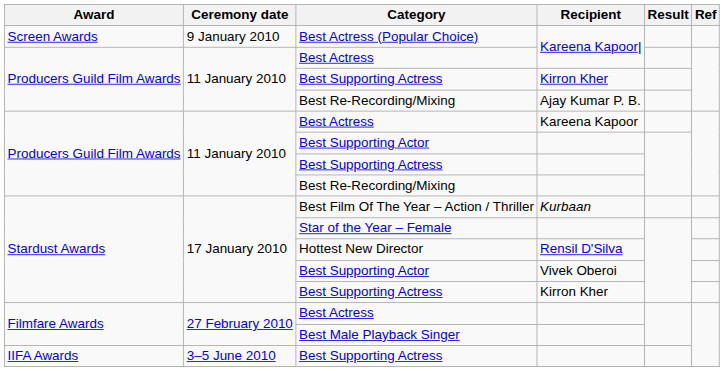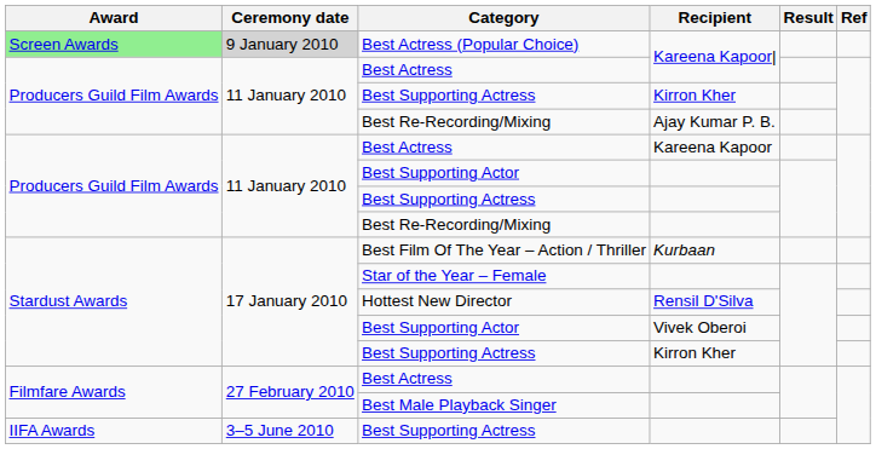 <table class="wikitable sortable">
 <tr>
 <th>Award</th>
 <th>Ceremony date</th>
 <th>Category</th>
 <th>Recipient</th>
 <th>Result</th>
 <th>Ref</th>
 </tr>
 <tr>
-<td><a href='#'>Screen Awards</a></td>
-<td>9 January 2010</td>
+<td style="background: lightgreen;"><a href='#'>Screen Awards</a></td>
+<td style="background: lightgrey;">9 January 2010</td>
 <td><a href='#'>Best Actress (Popular Choice)</a></td>
 <td rowspan="2"><a href='#'>Kareena Kapoor</a>|</td>
 <td></td>
 </tr>
 <tr>
 <td rowspan="3"><a href='#'>Producers Guild Film Awards</a></td>
 <td rowspan="3">11 January 2010</td>
 <td><a href='#'>Best Actress</a></td>
 <td></td>
 <td rowspan="3"></td>
 </tr>
 <tr>
 <td><a href='#'>Best Supporting Actress</a></td>
 <td><a href='#'>Kirron Kher</a></td>
 <td></td>
 </tr>
 <tr>
 <td>Best Re-Recording/Mixing</td>
 <td>Ajay Kumar P. B.</td>
 <td></td>
 </tr>
 <tr>
 <td rowspan="4"><a href='#'>Producers Guild Film Awards</a></td>
 <td rowspan="4">11 January 2010</td>
 <td><a href='#'>Best Actress</a></td>
 <td>Kareena Kapoor</td>
 <td></td>
 <td rowspan="4"></td>
 </tr>
 <tr>
 <td><a href='#'>Best Supporting Actor</a></td>
 <td></td>
 </tr>
 <tr>
 <td><a href='#'>Best Supporting Actress</a></td>
 <td></td>
 </tr>
 <tr>
 <td>Best Re-Recording/Mixing</td>
 <td Ajay Kumar P. B.></td>
 </tr>
 <tr>
 <td rowspan="5"><a href='#'>Stardust Awards</a></td>
 <td rowspan="5">17 January 2010</td>
 <td>Best Film Of The Year – Action / Thriller</td>
 <td><em>Kurbaan</em></td>
 <td></td>
 <td></td>
 </tr>
 <tr>
 <td><a href='#'>Star of the Year – Female</a></td>
 <td Kareena Kapoor></td>
 <td rowspan="4"></td>
 </tr>
 <tr>
 <td>Hottest New Director</td>
 <td><a href='#'>Rensil D'Silva</a></td>
 <td></td>
 </tr>
 <tr>
 <td><a href='#'>Best Supporting Actor</a></td>
 <td>Vivek Oberoi</td>
 <td></td>
 </tr>
 <tr>
 <td><a href='#'>Best Supporting Actress</a></td>
 <td>Kirron Kher</td>
 <td></td>
 </tr>
 <tr>
 <td rowspan="2"><a href='#'>Filmfare Awards</a></td>
 <td rowspan="2"><a href='#'>27 February 2010</a></td>
 <td><a href='#'>Best Actress</a></td>
 <td Kareena Kapoor></td>
 <td rowspan="2"></td>
 </tr>
 <tr>
 <td><a href='#'>Best Male Playback Singer</a></td>
 <td></td>
 </tr>
 <tr>
 <td><a href='#'>IIFA Awards</a></td>
 <td><a href='#'>3–5 June 2010</a></td>
 <td><a href='#'>Best Supporting Actress</a></td>
 <td Kirron Kher></td>
 <td></td>
 </tr>
 </table>
